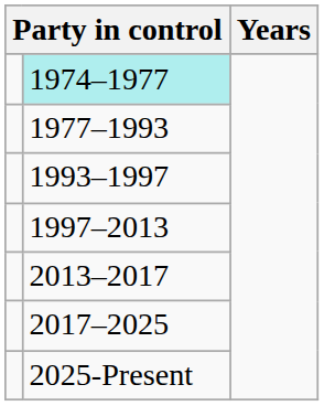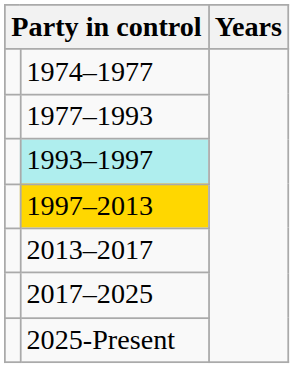 <table class="wikitable">
 <tr>
 <th colspan=2>Party in control</th>
 <th>Years</th>
 </tr>
 <tr>
 <td></td>
-<td style="background: paleturquoise;">1974–1977</td>
+<td>1974–1977</td>
 </tr>
 <tr>
 <td></td>
 <td>1977–1993</td>
 </tr>
 <tr>
 <td></td>
-<td>1993–1997</td>
+<td style="background: paleturquoise;">1993–1997</td>
 </tr>
 <tr>
 <td></td>
-<td>1997–2013</td>
+<td style="background: gold;">1997–2013</td>
 </tr>
 <tr>
 <td></td>
 <td>2013–2017</td>
 </tr>
 <tr>
 <td></td>
 <td>2017–2025</td>
 </tr>
 <tr>
 <td></td>
 <td>2025-Present</td>
 </tr>
 </table>
